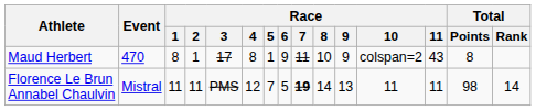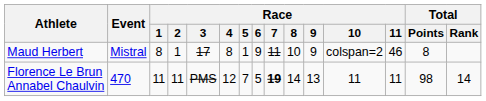 <table class=wikitable style=font-size:90%;text-align:center>
 <tr>
 <th rowspan=2>Athlete</th>
 <th rowspan=2>Event</th>
 <th colspan=11>Race</th>
 <th colspan=2>Total</th>
 </tr>
 <tr style=font-size:95%>
 <th>1</th>
 <th>2</th>
 <th>3</th>
 <th>4</th>
 <th>5</th>
 <th>6</th>
 <th>7</th>
 <th>8</th>
 <th>9</th>
 <th>10</th>
 <th>11</th>
 <th>Points</th>
 <th>Rank</th>
 </tr>
 <tr>
 <td align=left><a href='#'>Maud Herbert</a></td>
-<td align=left><a href='#'>470</a></td>
+<td align=left><a href='#'>Mistral</a></td>
 <td>8</td>
 <td>1</td>
 <td><s>17</s></td>
 <td>8</td>
 <td>1</td>
 <td>9</td>
 <td><s>11</s></td>
 <td>10</td>
 <td>9</td>
 <td>colspan=2 </td>
-<td>43</td>
+<td>46</td>
 <td>8</td>
 </tr>
 <tr>
 <td align=left><a href='#'>Florence Le Brun</a><br><a href='#'>Annabel Chaulvin</a></td>
-<td align=left><a href='#'>Mistral</a></td>
+<td align=left><a href='#'>470</a></td>
 <td>11</td>
 <td>11</td>
 <td><s>PMS</s></td>
 <td>12</td>
 <td>7</td>
 <td>5</td>
 <td><strong><s>19</s></strong></td>
 <td>14</td>
 <td>13</td>
 <td>11</td>
 <td>11</td>
 <td>98</td>
 <td>14</td>
 </tr>
 </table>
